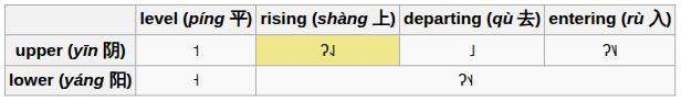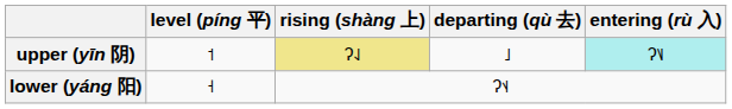 <table class="wikitable IPA" style="text-align: center;">
 <tr>
 <th></th>
 <th>level (<em>píng</em> 平)</th>
 <th>rising (<em>shàng</em> 上)</th>
 <th>departing (<em>qù</em> 去)</th>
 <th>entering (<em>rù</em> 入)</th>
 </tr>
 <tr>
 <th>upper (<em>yīn</em> 阴)</th>
 <td>˦</td>
 <td style="background: khaki;">ʔ˨˩</td>
 <td>˩</td>
-<td>ʔ˥˩</td>
+<td style="background: paleturquoise;">ʔ˥˩</td>
 </tr>
 <tr>
 <th>lower (<em>yáng</em> 阳)</th>
 <td>˧</td>
 <td colspan=3>ʔ˦˨</td>
 </tr>
 </table>
